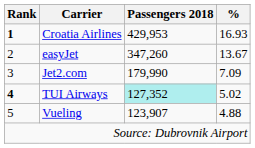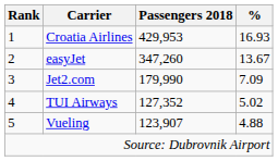 <table class="wikitable sortable">
 <tr>
 <th>Rank</th>
 <th>Carrier</th>
 <th>Passengers 2018</th>
 <th>%</th>
 </tr>
 <tr>
-<td><strong>1</strong></td>
+<td>1</td>
 <td> <a href='#'>Croatia Airlines</a></td>
 <td>429,953</td>
 <td>16.93</td>
 </tr>
 <tr>
 <td>2</td>
 <td> <a href='#'>easyJet</a></td>
 <td>347,260</td>
 <td>13.67</td>
 </tr>
 <tr>
 <td>3</td>
 <td> <a href='#'>Jet2.com</a></td>
 <td>179,990</td>
 <td>7.09</td>
 </tr>
 <tr>
-<td><strong>4</strong></td>
+<td>4</td>
 <td> <a href='#'>TUI Airways</a></td>
-<td style="background: paleturquoise;">127,352</td>
+<td>127,352</td>
 <td>5.02</td>
 </tr>
 <tr>
 <td>5</td>
 <td> <a href='#'>Vueling</a></td>
 <td>123,907</td>
 <td>4.88</td>
 </tr>
 <tr>
 <td colspan="5" style="text-align:right;"><em>Source: Dubrovnik Airport</em></td>
 </tr>
 </table>
